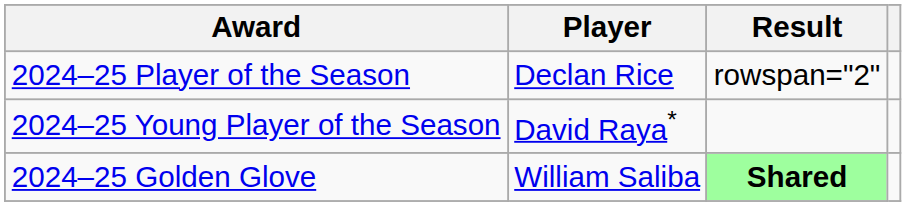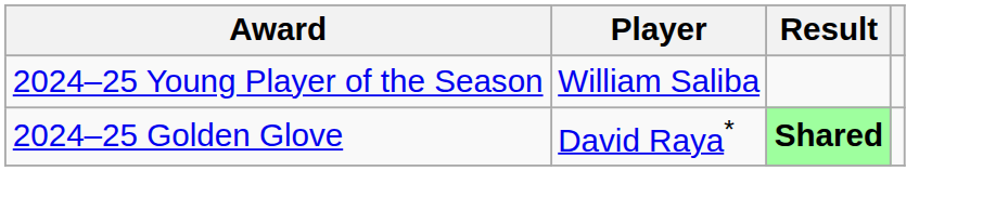 <table class="wikitable" style="text-align:center;">
 <tr>
 <th>Award</th>
 <th>Player</th>
 <th>Result</th>
 <th></th>
 </tr>
 <tr>
-<td style="text-align:left;"><a href='#'>2024–25 Player of the Season</a></td>
-<td style="text-align:left;"> <a href='#'>Declan Rice</a></td>
-<td>rowspan="2" </td>
-<td></td>
-</tr>
-<tr>
 <td style="text-align:left;"><a href='#'>2024–25 Young Player of the Season</a></td>
-<td style="text-align:left;"> <a href='#'>David Raya</a><sup>*</sup></td>
+<td style="text-align:left;"> <a href='#'>William Saliba</a></td>
 <td></td>
 </tr>
 <tr>
 <td style="text-align:left;"><a href='#'>2024–25 Golden Glove</a></td>
-<td style="text-align:left;"> <a href='#'>William Saliba</a></td>
+<td style="text-align:left;"> <a href='#'>David Raya</a><sup>*</sup></td>
 <td style="background:#9eff9e;"><strong>Shared</strong></td>
 <td></td>
 </tr>
 </table>
